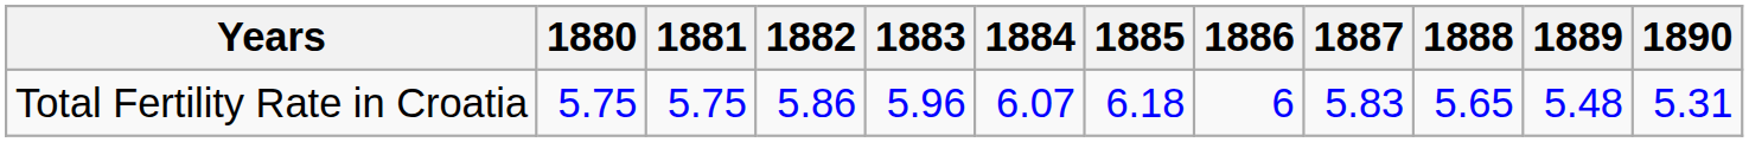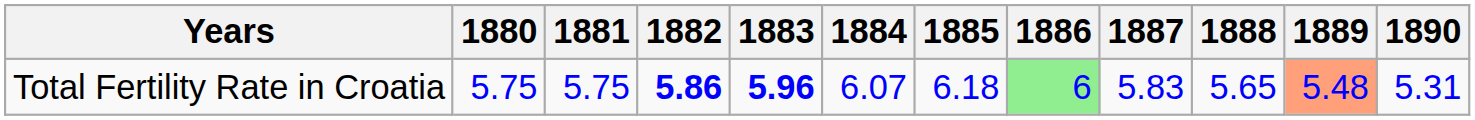 <table class="wikitable " style="text-align:right">
 <tr>
 <th>Years</th>
 <th>1880</th>
 <th>1881</th>
 <th>1882</th>
 <th>1883</th>
 <th>1884</th>
 <th>1885</th>
 <th>1886</th>
 <th>1887</th>
 <th>1888</th>
 <th>1889</th>
 <th>1890</th>
 </tr>
 <tr>
 <td align="left">Total Fertility Rate in Croatia</td>
 <td style="text-align:right; color:blue;">5.75</td>
 <td style="text-align:right; color:blue;">5.75</td>
-<td style="text-align:right; color:blue;">5.86</td>
-<td style="text-align:right; color:blue;">5.96</td>
+<td style="text-align:right; color:blue;"><strong>5.86</strong></td>
+<td style="text-align:right; color:blue;"><strong>5.96</strong></td>
 <td style="text-align:right; color:blue;">6.07</td>
 <td style="text-align:right; color:blue;">6.18</td>
-<td style="text-align:right; color:blue;">6</td>
+<td style="background: lightgreen; text-align:right; color:blue;">6</td>
 <td style="text-align:right; color:blue;">5.83</td>
 <td style="text-align:right; color:blue;">5.65</td>
-<td style="text-align:right; color:blue;">5.48</td>
+<td style="background: lightsalmon; text-align:right; color:blue;">5.48</td>
 <td style="text-align:right; color:blue;">5.31</td>
 </tr>
 </table>
